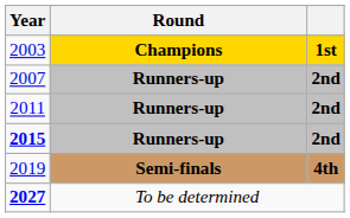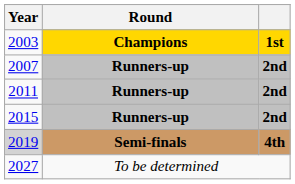 <table class="wikitable" style="text-align: center; font-size:90%">
 <tr>
 <th>Year</th>
 <th style="width:200px">Round</th>
 <th></th>
 </tr>
 <tr>
 <td><a href='#'>2003</a></td>
 <td bgcolor=Gold><strong>Champions</strong></td>
 <td bgcolor=Gold><strong>1st</strong></td>
 </tr>
 <tr>
 <td><a href='#'>2007</a></td>
 <td bgcolor=Silver><strong>Runners-up</strong></td>
 <td bgcolor=Silver><strong>2nd</strong></td>
 </tr>
 <tr>
 <td><a href='#'>2011</a></td>
 <td bgcolor=Silver><strong>Runners-up</strong></td>
 <td bgcolor=Silver><strong>2nd</strong></td>
 </tr>
 <tr>
-<td><strong><a href='#'>2015</a></strong></td>
+<td><a href='#'>2015</a></td>
 <td bgcolor=Silver><strong>Runners-up</strong></td>
 <td bgcolor=Silver><strong>2nd</strong></td>
 </tr>
 <tr>
-<td><a href='#'>2019</a></td>
+<td style="background: lightgrey;"><a href='#'>2019</a></td>
 <td bgcolor="cc9966"><strong>Semi-finals</strong></td>
 <td bgcolor="cc9966"><strong>4th</strong></td>
 </tr>
 <tr>
-<td><strong><a href='#'>2027</a></strong></td>
+<td><a href='#'>2027</a></td>
 <td colspan="2"><em>To be determined</em></td>
 </tr>
 </table>
